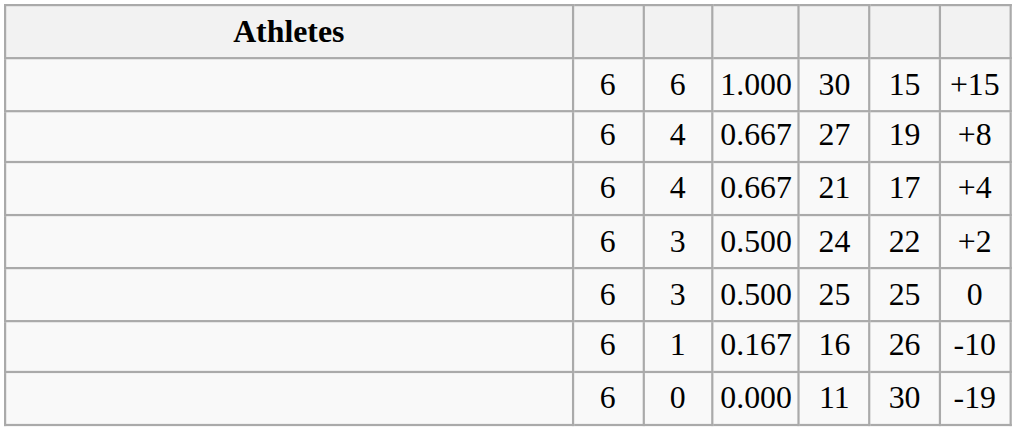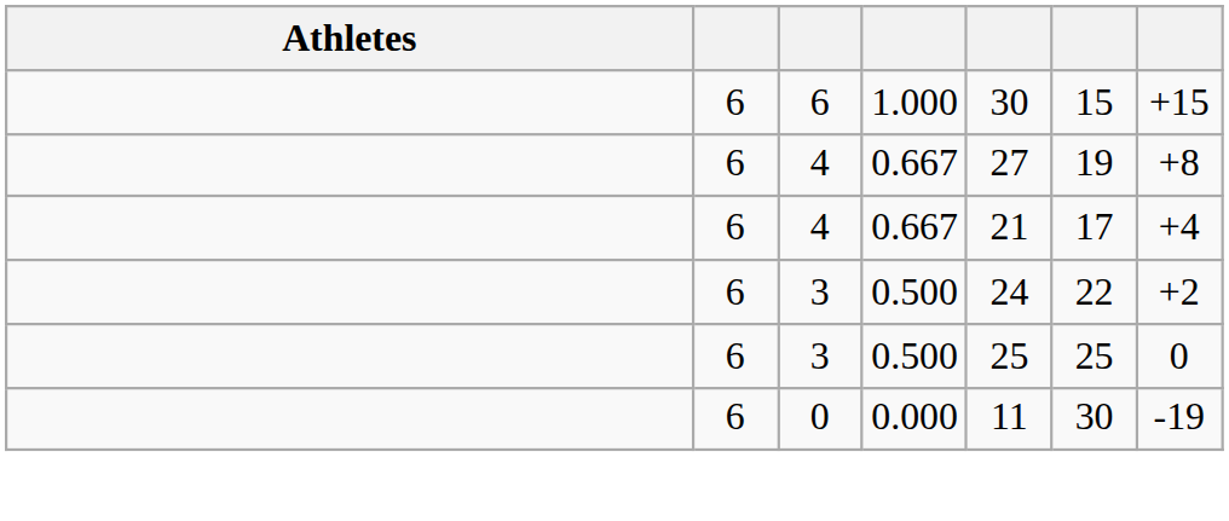 <table class="wikitable" style="text-align: center; font-size:90% ">
 <tr>
 <th width=250>Athletes</th>
 <th width=25></th>
 <th width=25></th>
 <th width=25></th>
 <th width=25></th>
 <th width=25></th>
 <th width=25></th>
 </tr>
 <tr>
 <td align=left></td>
 <td>6</td>
 <td>6</td>
 <td>1.000</td>
 <td>30</td>
 <td>15</td>
 <td>+15</td>
 </tr>
 <tr>
 <td align=left></td>
 <td>6</td>
 <td>4</td>
 <td>0.667</td>
 <td>27</td>
 <td>19</td>
 <td>+8</td>
 </tr>
 <tr>
 <td align=left></td>
 <td>6</td>
 <td>4</td>
 <td>0.667</td>
 <td>21</td>
 <td>17</td>
 <td>+4</td>
 </tr>
 <tr>
 <td align=left></td>
 <td>6</td>
 <td>3</td>
 <td>0.500</td>
 <td>24</td>
 <td>22</td>
 <td>+2</td>
 </tr>
 <tr>
 <td align=left></td>
 <td>6</td>
 <td>3</td>
 <td>0.500</td>
 <td>25</td>
 <td>25</td>
 <td>0</td>
 </tr>
 <tr>
 <td align=left></td>
 <td>6</td>
-<td>1</td>
-<td>0.167</td>
-<td>16</td>
-<td>26</td>
-<td>-10</td>
-</tr>
-<tr>
-<td align=left></td>
-<td>6</td>
 <td>0</td>
 <td>0.000</td>
 <td>11</td>
 <td>30</td>
 <td>-19</td>
 </tr>
 </table>
